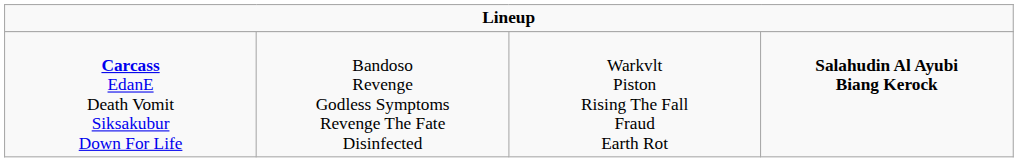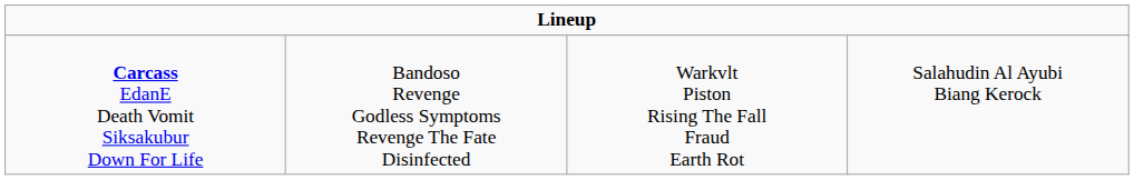 <table class="wikitable">
 <tr>
 <td colspan="4" align="center"><strong>Lineup</strong></td>
 </tr>
 <tr>
 </tr>
 <tr>
 <td valign="top" align="center" width=226><br><strong><a href='#'>Carcass</a></strong><br> <a href='#'>EdanE</a><br> Death Vomit<br> <a href='#'>Siksakubur</a><br> <a href='#'>Down For Life</a><br></td>
 <td valign="top" align="center" width=226><br>Bandoso<br> Revenge<br> Godless Symptoms<br> Revenge The Fate<br> Disinfected<br></td>
 <td valign="top" align="center" width=226><br>Warkvlt<br> Piston<br> Rising The Fall<br> Fraud<br> Earth Rot<br></td>
-<td valign="top" align="center" width=226><strong><br>Salahudin Al Ayubi<br> Biang Kerock<br></strong></td>
+<td valign="top" align="center" width=226><br>Salahudin Al Ayubi<br> Biang Kerock<br></td>
 </tr>
 </table>
